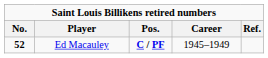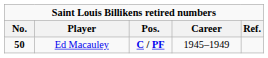 <table class="wikitable sortable" style="text-align:center">
 <tr>
 <td colspan="5"><strong>Saint Louis Billikens retired numbers</strong></td>
 </tr>
 <tr>
 <th width=40px>No.</th>
 <th width=140px>Player</th>
 <th width=60px>Pos.</th>
 <th width=100px>Career</th>
 <th width=px>Ref.</th>
 </tr>
 <tr>
-<td><strong>52</strong></td>
+<td><strong>50</strong></td>
 <td><a href='#'>Ed Macauley</a></td>
 <td><strong><a href='#'>C</a> / <a href='#'>PF</a></strong></td>
 <td>1945–1949</td>
 <td></td>
 </tr>
 </table>
